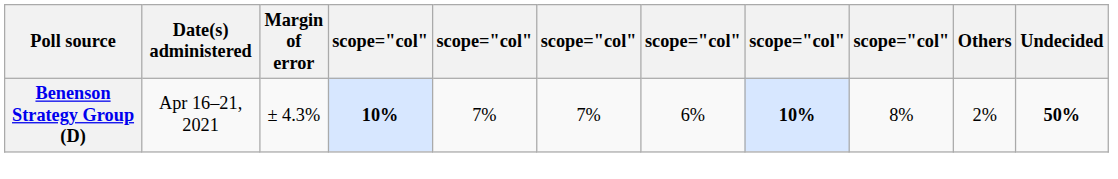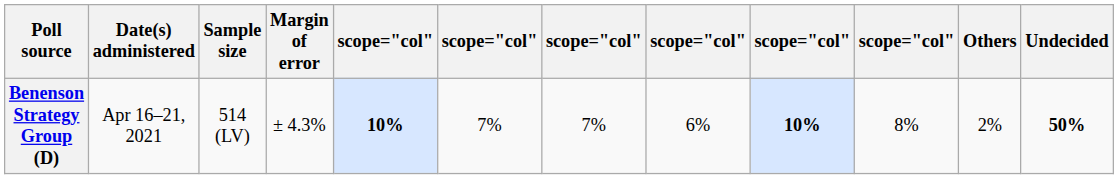 <table class="wikitable plainrowheaders" style="text-align:center; font-size:90%;">
 <tr>
 <th scope="col">Poll source</th>
 <th scope="col">Date(s)<br>administered</th>
+<th scope="col">Sample<br>size</th>
 <th scope="col">Margin<br>of error</th>
 <th>scope="col" </th>
 <th>scope="col" </th>
 <th>scope="col" </th>
 <th>scope="col" </th>
 <th>scope="col" </th>
 <th>scope="col" </th>
 <th scope="col">Others</th>
 <th scope="col">Undecided</th>
 </tr>
 <tr>
 <th scope="row"><a href='#'>Benenson Strategy Group</a> (D)</th>
 <td>Apr 16–21, 2021</td>
+<td>514 (LV)</td>
 <td>± 4.3%</td>
 <td style="background:#d7e7ff"><strong>10%</strong></td>
 <td>7%</td>
 <td>7%</td>
 <td>6%</td>
 <td style="background:#d7e7ff"><strong>10%</strong></td>
 <td>8%</td>
 <td>2%</td>
 <td><strong>50%</strong></td>
 </tr>
 </table>
